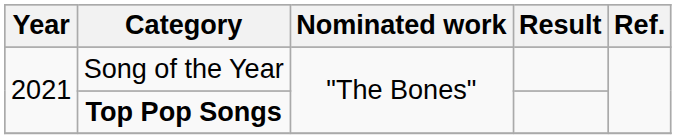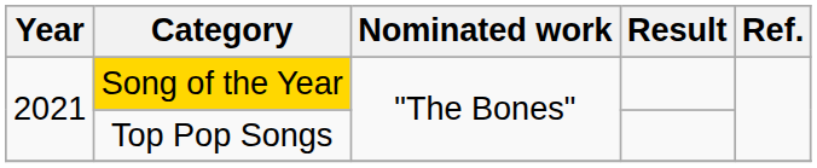 <table class="wikitable" style="text-align:center;">
 <tr>
 <th>Year</th>
 <th>Category</th>
 <th>Nominated work</th>
 <th>Result</th>
 <th>Ref.</th>
 </tr>
 <tr>
 <td rowspan="2">2021</td>
-<td>Song of the Year</td>
+<td style="background: gold;">Song of the Year</td>
 <td rowspan="2">"The Bones"</td>
 <td></td>
 <td rowspan="2"></td>
 </tr>
 <tr>
-<td><strong>Top Pop Songs</strong></td>
+<td>Top Pop Songs</td>
 <td></td>
 </tr>
 <tr>
 </tr>
 </table>
